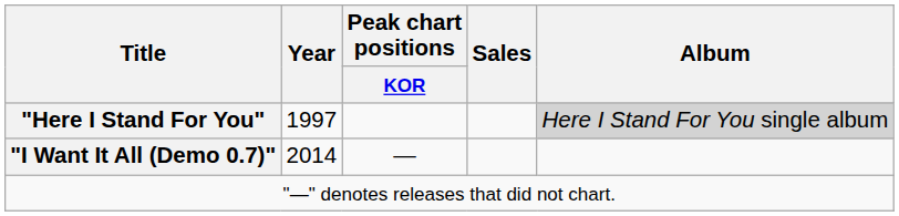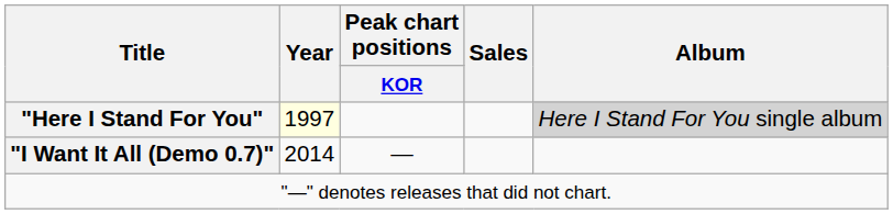 <table class="wikitable plainrowheaders" style="text-align:center;">
 <tr>
 <th scope="col" rowspan="2">Title</th>
 <th scope="col" rowspan="2">Year</th>
 <th scope="col" colspan="1">Peak chart <br> positions</th>
 <th scope="col" rowspan="2">Sales</th>
 <th scope="col" rowspan="2">Album</th>
 </tr>
 <tr>
 <th><small><a href='#'>KOR</a></small></th>
 </tr>
 <tr>
 <th scope="row">"Here I Stand For You"</th>
-<td>1997</td>
+<td style="background: lightyellow;">1997</td>
 <td></td>
 <td></td>
 <td style="background: lightgrey;"><em>Here I Stand For You</em> single album</td>
 </tr>
 <tr>
 <th scope="row">"I Want It All (Demo 0.7)"</th>
 <td>2014</td>
 <td>—</td>
 <td></td>
 <td></td>
 </tr>
 <tr>
 <td colspan="5" align="center"><small>"—" denotes releases that did not chart.</small></td>
 </tr>
 </table>
